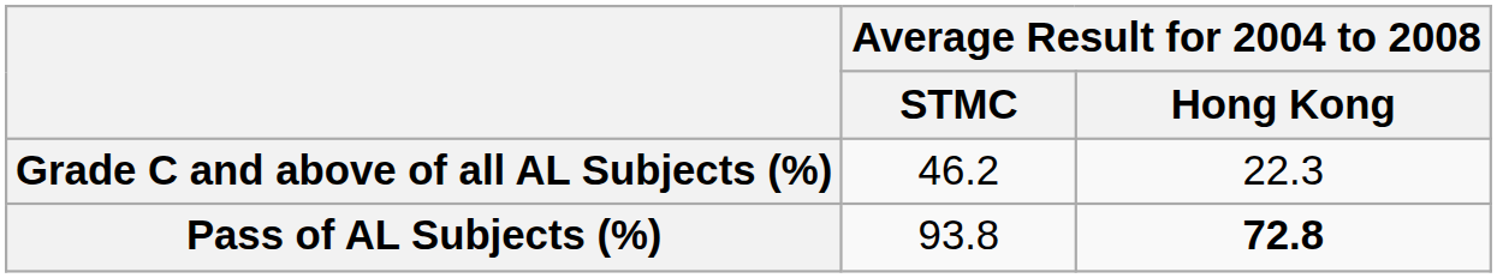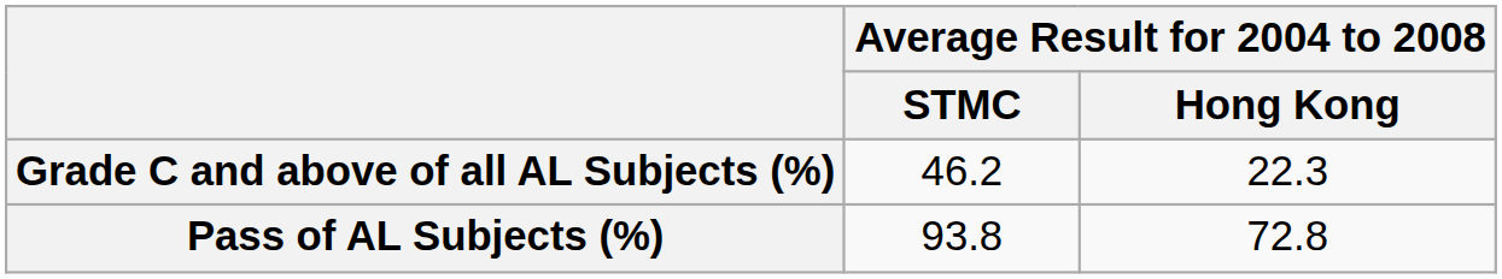 <table class="wikitable" style="text-align:center">
 <tr>
 <th rowspan="2"></th>
 <th colspan="2">Average Result for 2004 to 2008</th>
 </tr>
 <tr>
 <th>STMC</th>
 <th>Hong Kong</th>
 </tr>
 <tr>
 <th>Grade C and above of all AL Subjects (%)</th>
 <td>46.2</td>
 <td>22.3</td>
 </tr>
 <tr>
 <th>Pass of AL Subjects (%)</th>
 <td>93.8</td>
-<td><strong>72.8</strong></td>
+<td>72.8</td>
 </tr>
 </table>
